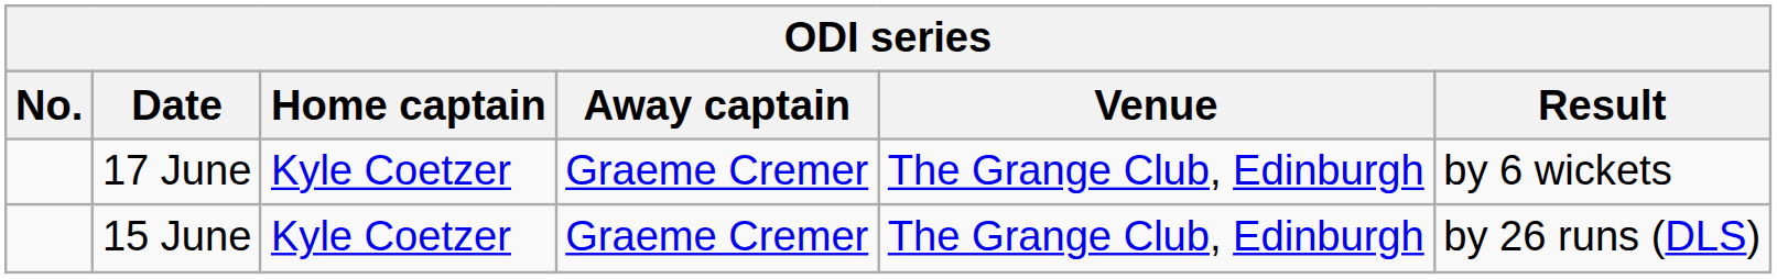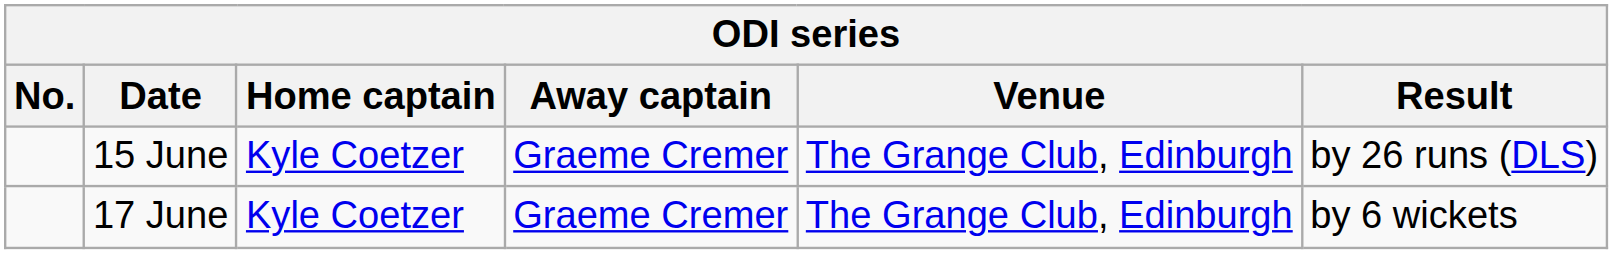 <table class="wikitable">
 <tr>
 <th colspan="6">ODI series</th>
 </tr>
 <tr>
 <th>No.</th>
 <th>Date</th>
 <th>Home captain</th>
 <th>Away captain</th>
 <th>Venue</th>
 <th>Result</th>
 </tr>
 <tr>
 <td></td>
+<td>15 June</td>
+<td><a href='#'>Kyle Coetzer</a></td>
+<td><a href='#'>Graeme Cremer</a></td>
+<td><a href='#'>The Grange Club</a>, <a href='#'>Edinburgh</a></td>
+<td> by 26 runs (<a href='#'>DLS</a>)</td>
+</tr>
+<tr>
+<td></td>
 <td>17 June</td>
 <td><a href='#'>Kyle Coetzer</a></td>
 <td><a href='#'>Graeme Cremer</a></td>
 <td><a href='#'>The Grange Club</a>, <a href='#'>Edinburgh</a></td>
 <td> by 6 wickets</td>
 </tr>
-<tr>
-<td></td>
-<td>15 June</td>
-<td><a href='#'>Kyle Coetzer</a></td>
-<td><a href='#'>Graeme Cremer</a></td>
-<td><a href='#'>The Grange Club</a>, <a href='#'>Edinburgh</a></td>
-<td> by 26 runs (<a href='#'>DLS</a>)</td>
-</tr>
 </table>
